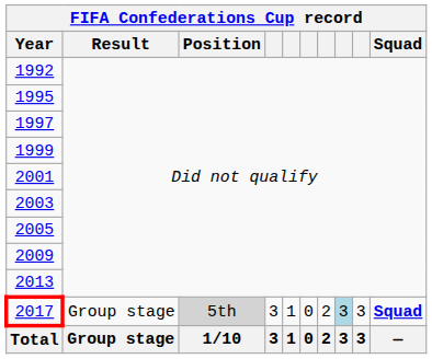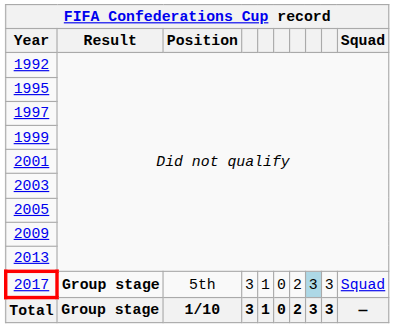 <table class="wikitable" style="text-align: center;">
 <tr>
 <th colspan=10><a href='#'>FIFA Confederations Cup</a> record</th>
 </tr>
 <tr>
 <th>Year</th>
 <th>Result</th>
 <th>Position</th>
 <th></th>
 <th></th>
 <th></th>
 <th></th>
 <th></th>
 <th></th>
 <th>Squad</th>
 </tr>
 <tr>
 <td> <a href='#'>1992</a></td>
 <td rowspan=9 colspan=9><em>Did not qualify</em></td>
 </tr>
 <tr>
 <td> <a href='#'>1995</a></td>
 </tr>
 <tr>
 <td> <a href='#'>1997</a></td>
 </tr>
 <tr>
 <td> <a href='#'>1999</a></td>
 </tr>
 <tr>
 <td>  <a href='#'>2001</a></td>
 </tr>
 <tr>
 <td> <a href='#'>2003</a></td>
 </tr>
 <tr>
 <td> <a href='#'>2005</a></td>
 </tr>
 <tr>
 <td> <a href='#'>2009</a></td>
 </tr>
 <tr>
 <td> <a href='#'>2013</a></td>
 </tr>
 <tr>
 <td style="border: 3px solid red"> <a href='#'>2017</a></td>
-<td>Group stage</td>
-<td style="background: lightgrey;">5th</td>
+<td><strong>Group stage</strong></td>
+<td>5th</td>
 <td>3</td>
 <td>1</td>
 <td>0</td>
 <td>2</td>
 <td style="background: lightblue;">3</td>
 <td>3</td>
-<td><strong><a href='#'>Squad</a></strong></td>
+<td><a href='#'>Squad</a></td>
 </tr>
 <tr>
 <th>Total</th>
 <th>Group stage</th>
 <th>1/10</th>
 <th>3</th>
 <th>1</th>
 <th>0</th>
 <th>2</th>
 <th>3</th>
 <th>3</th>
 <th>—</th>
 </tr>
 </table>
